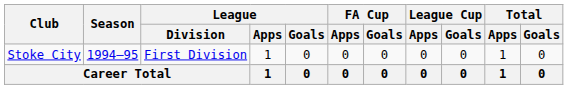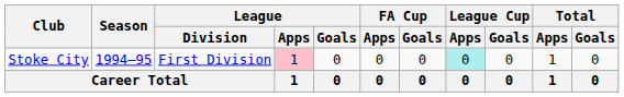 <table class="wikitable" style="text-align: center;">
 <tr>
 <th rowspan="2">Club</th>
 <th rowspan="2">Season</th>
 <th colspan="3">League</th>
 <th colspan="2">FA Cup</th>
 <th colspan="2">League Cup</th>
 <th colspan="2">Total</th>
 </tr>
 <tr>
 <th>Division</th>
 <th>Apps</th>
 <th>Goals</th>
 <th>Apps</th>
 <th>Goals</th>
 <th>Apps</th>
 <th>Goals</th>
 <th>Apps</th>
 <th>Goals</th>
 </tr>
 <tr>
 <td><a href='#'>Stoke City</a></td>
 <td><a href='#'>1994–95</a></td>
 <td><a href='#'>First Division</a></td>
-<td>1</td>
+<td style="background: pink;">1</td>
 <td>0</td>
 <td>0</td>
 <td>0</td>
-<td>0</td>
+<td style="background: paleturquoise;">0</td>
 <td>0</td>
 <td>1</td>
 <td>0</td>
 </tr>
 <tr>
 <th colspan="3">Career Total</th>
 <th>1</th>
 <th>0</th>
 <th>0</th>
 <th>0</th>
 <th>0</th>
 <th>0</th>
 <th>1</th>
 <th>0</th>
 </tr>
 </table>
